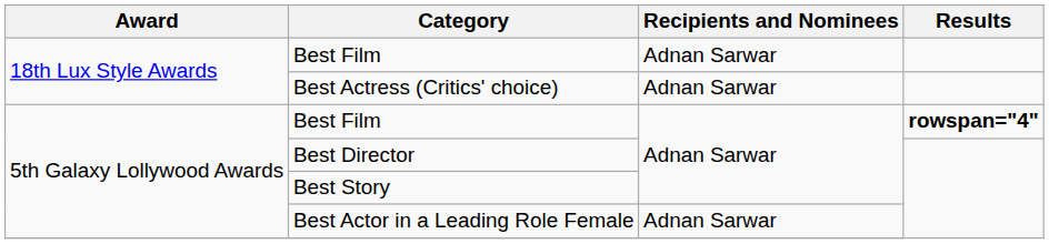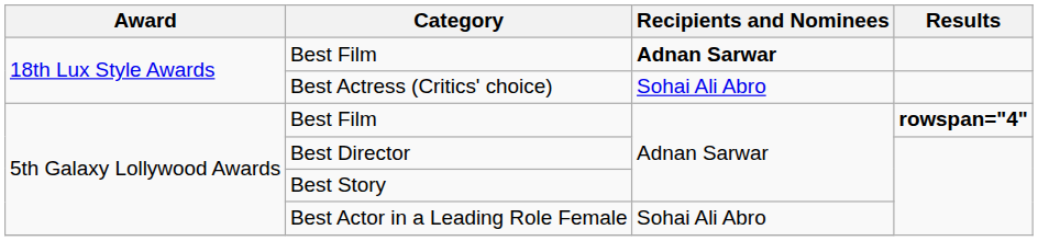 <table class="wikitable plainrowheaders sortable">
 <tr>
 <th>Award</th>
 <th>Category</th>
 <th>Recipients and Nominees</th>
 <th>Results</th>
 </tr>
 <tr>
 <td rowspan="2"><a href='#'>18th Lux Style Awards</a><br></td>
 <td>Best Film</td>
-<td>Adnan Sarwar</td>
+<td><strong>Adnan Sarwar</strong></td>
 <td></td>
 </tr>
 <tr>
 <td>Best Actress (Critics' choice)</td>
-<td>Adnan Sarwar</td>
+<td><a href='#'>Sohai Ali Abro</a></td>
 <td></td>
 </tr>
 <tr>
 <td rowspan="4">5th Galaxy Lollywood Awards<br></td>
 <td>Best Film</td>
 <td rowspan="3">Adnan Sarwar</td>
 <td><strong>rowspan="4" </strong></td>
 </tr>
 <tr>
 <td>Best Director</td>
 </tr>
 <tr>
 <td>Best Story</td>
 </tr>
 <tr>
 <td>Best Actor in a Leading Role Female</td>
-<td>Adnan Sarwar</td>
+<td>Sohai Ali Abro</td>
 </tr>
 <tr>
 </tr>
 </table>
